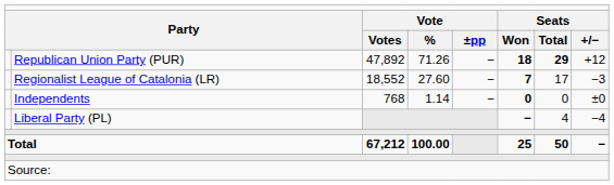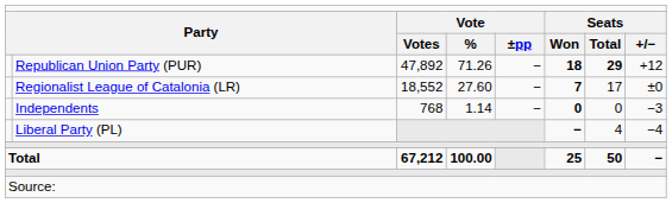 <table class='wikitable' style='text-align:right; font-size:100%;'>
 <tr>
 <td colspan='8'></td>
 </tr>
 <tr bgcolor='#E9E9E9' align='center'>
 <th align='left' rowspan='2' colspan='2' width='450'>Party</th>
 <th colspan='3'>Vote</th>
 <th colspan='3'>Seats</th>
 </tr>
 <tr bgcolor='#E9E9E9' align='center'>
 <th width='50'>Votes</th>
 <th width='50'>%</th>
 <th width='50'>±<a href='#'>pp</a></th>
 <th width='40'>Won</th>
 <th width='40'>Total</th>
 <th width='40'>+/−</th>
 </tr>
 <tr>
 <td></td>
 <td align='left'><a href='#'>Republican Union Party</a> (PUR)</td>
 <td>47,892</td>
 <td>71.26</td>
 <td>−</td>
 <td><strong>18</strong></td>
 <td><strong>29</strong></td>
 <td>+12</td>
 </tr>
 <tr>
 <td></td>
 <td align='left'><a href='#'>Regionalist League of Catalonia</a> (LR)</td>
 <td>18,552</td>
 <td>27.60</td>
 <td>−</td>
 <td><strong>7</strong></td>
 <td>17</td>
-<td>−3</td>
+<td>±0</td>
 </tr>
 <tr>
 <td width='1'></td>
 <td align='left'><a href='#'>Independents</a></td>
 <td>768</td>
 <td>1.14</td>
 <td>−</td>
 <td><strong>0</strong></td>
 <td>0</td>
-<td>±0</td>
+<td>−3</td>
 </tr>
 <tr>
 <td width='1'></td>
 <td align='left'><a href='#'>Liberal Party</a> (PL)</td>
 <td colspan=3 bgcolor='#E9E9E9'></td>
 <td><strong>−</strong></td>
 <td>4</td>
 <td>−4</td>
 </tr>
 <tr>
 <td colspan='8' bgcolor='#E9E9E9'></td>
 </tr>
 <tr style='font-weight:bold;'>
 <td align='left' colspan='2'>Total</td>
 <td>67,212</td>
 <td>100.00</td>
 <td bgcolor='#E9E9E9'></td>
 <td>25</td>
 <td>50</td>
 <td>−</td>
 </tr>
 <tr>
 <td colspan='8' bgcolor='#E9E9E9'></td>
 </tr>
 <tr>
 <td align='left' colspan='8'>Source:</td>
 </tr>
 </table>
